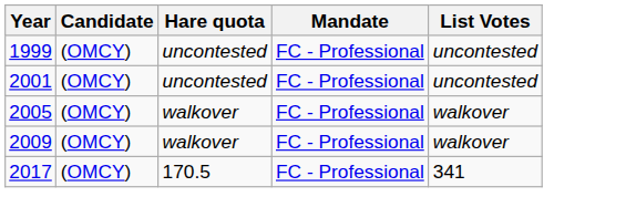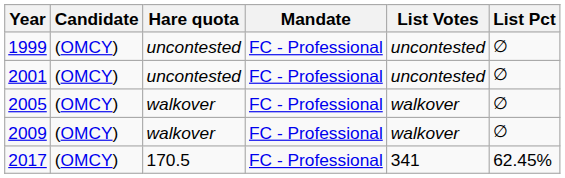 <table class="wikitable" style="margin:0.5em ; font-size:95%">
 <tr>
 <th>Year</th>
 <th>Candidate</th>
 <th>Hare quota</th>
 <th>Mandate</th>
 <th>List Votes</th>
+<th>List Pct</th>
 </tr>
 <tr>
 <td><a href='#'>1999</a></td>
 <td> (<a href='#'>OMCY</a>)</td>
 <td><em>uncontested</em></td>
 <td><a href='#'>FC - Professional</a></td>
 <td><em>uncontested</em></td>
+<td>∅</td>
 </tr>
 <tr>
 <td><a href='#'>2001</a></td>
 <td> (<a href='#'>OMCY</a>)</td>
 <td><em>uncontested</em></td>
 <td><a href='#'>FC - Professional</a></td>
 <td><em>uncontested</em></td>
+<td>∅</td>
 </tr>
 <tr>
 <td><a href='#'>2005</a></td>
 <td> (<a href='#'>OMCY</a>)</td>
 <td><em>walkover</em></td>
 <td><a href='#'>FC - Professional</a></td>
 <td><em>walkover</em></td>
+<td>∅</td>
 </tr>
 <tr>
 <td><a href='#'>2009</a></td>
 <td> (<a href='#'>OMCY</a>)</td>
 <td><em>walkover</em></td>
 <td><a href='#'>FC - Professional</a></td>
 <td><em>walkover</em></td>
+<td>∅</td>
 </tr>
 <tr>
 <td><a href='#'>2017</a></td>
 <td> (<a href='#'>OMCY</a>)</td>
 <td>170.5</td>
 <td><a href='#'>FC - Professional</a></td>
 <td>341</td>
+<td>62.45%</td>
 </tr>
 </table>
